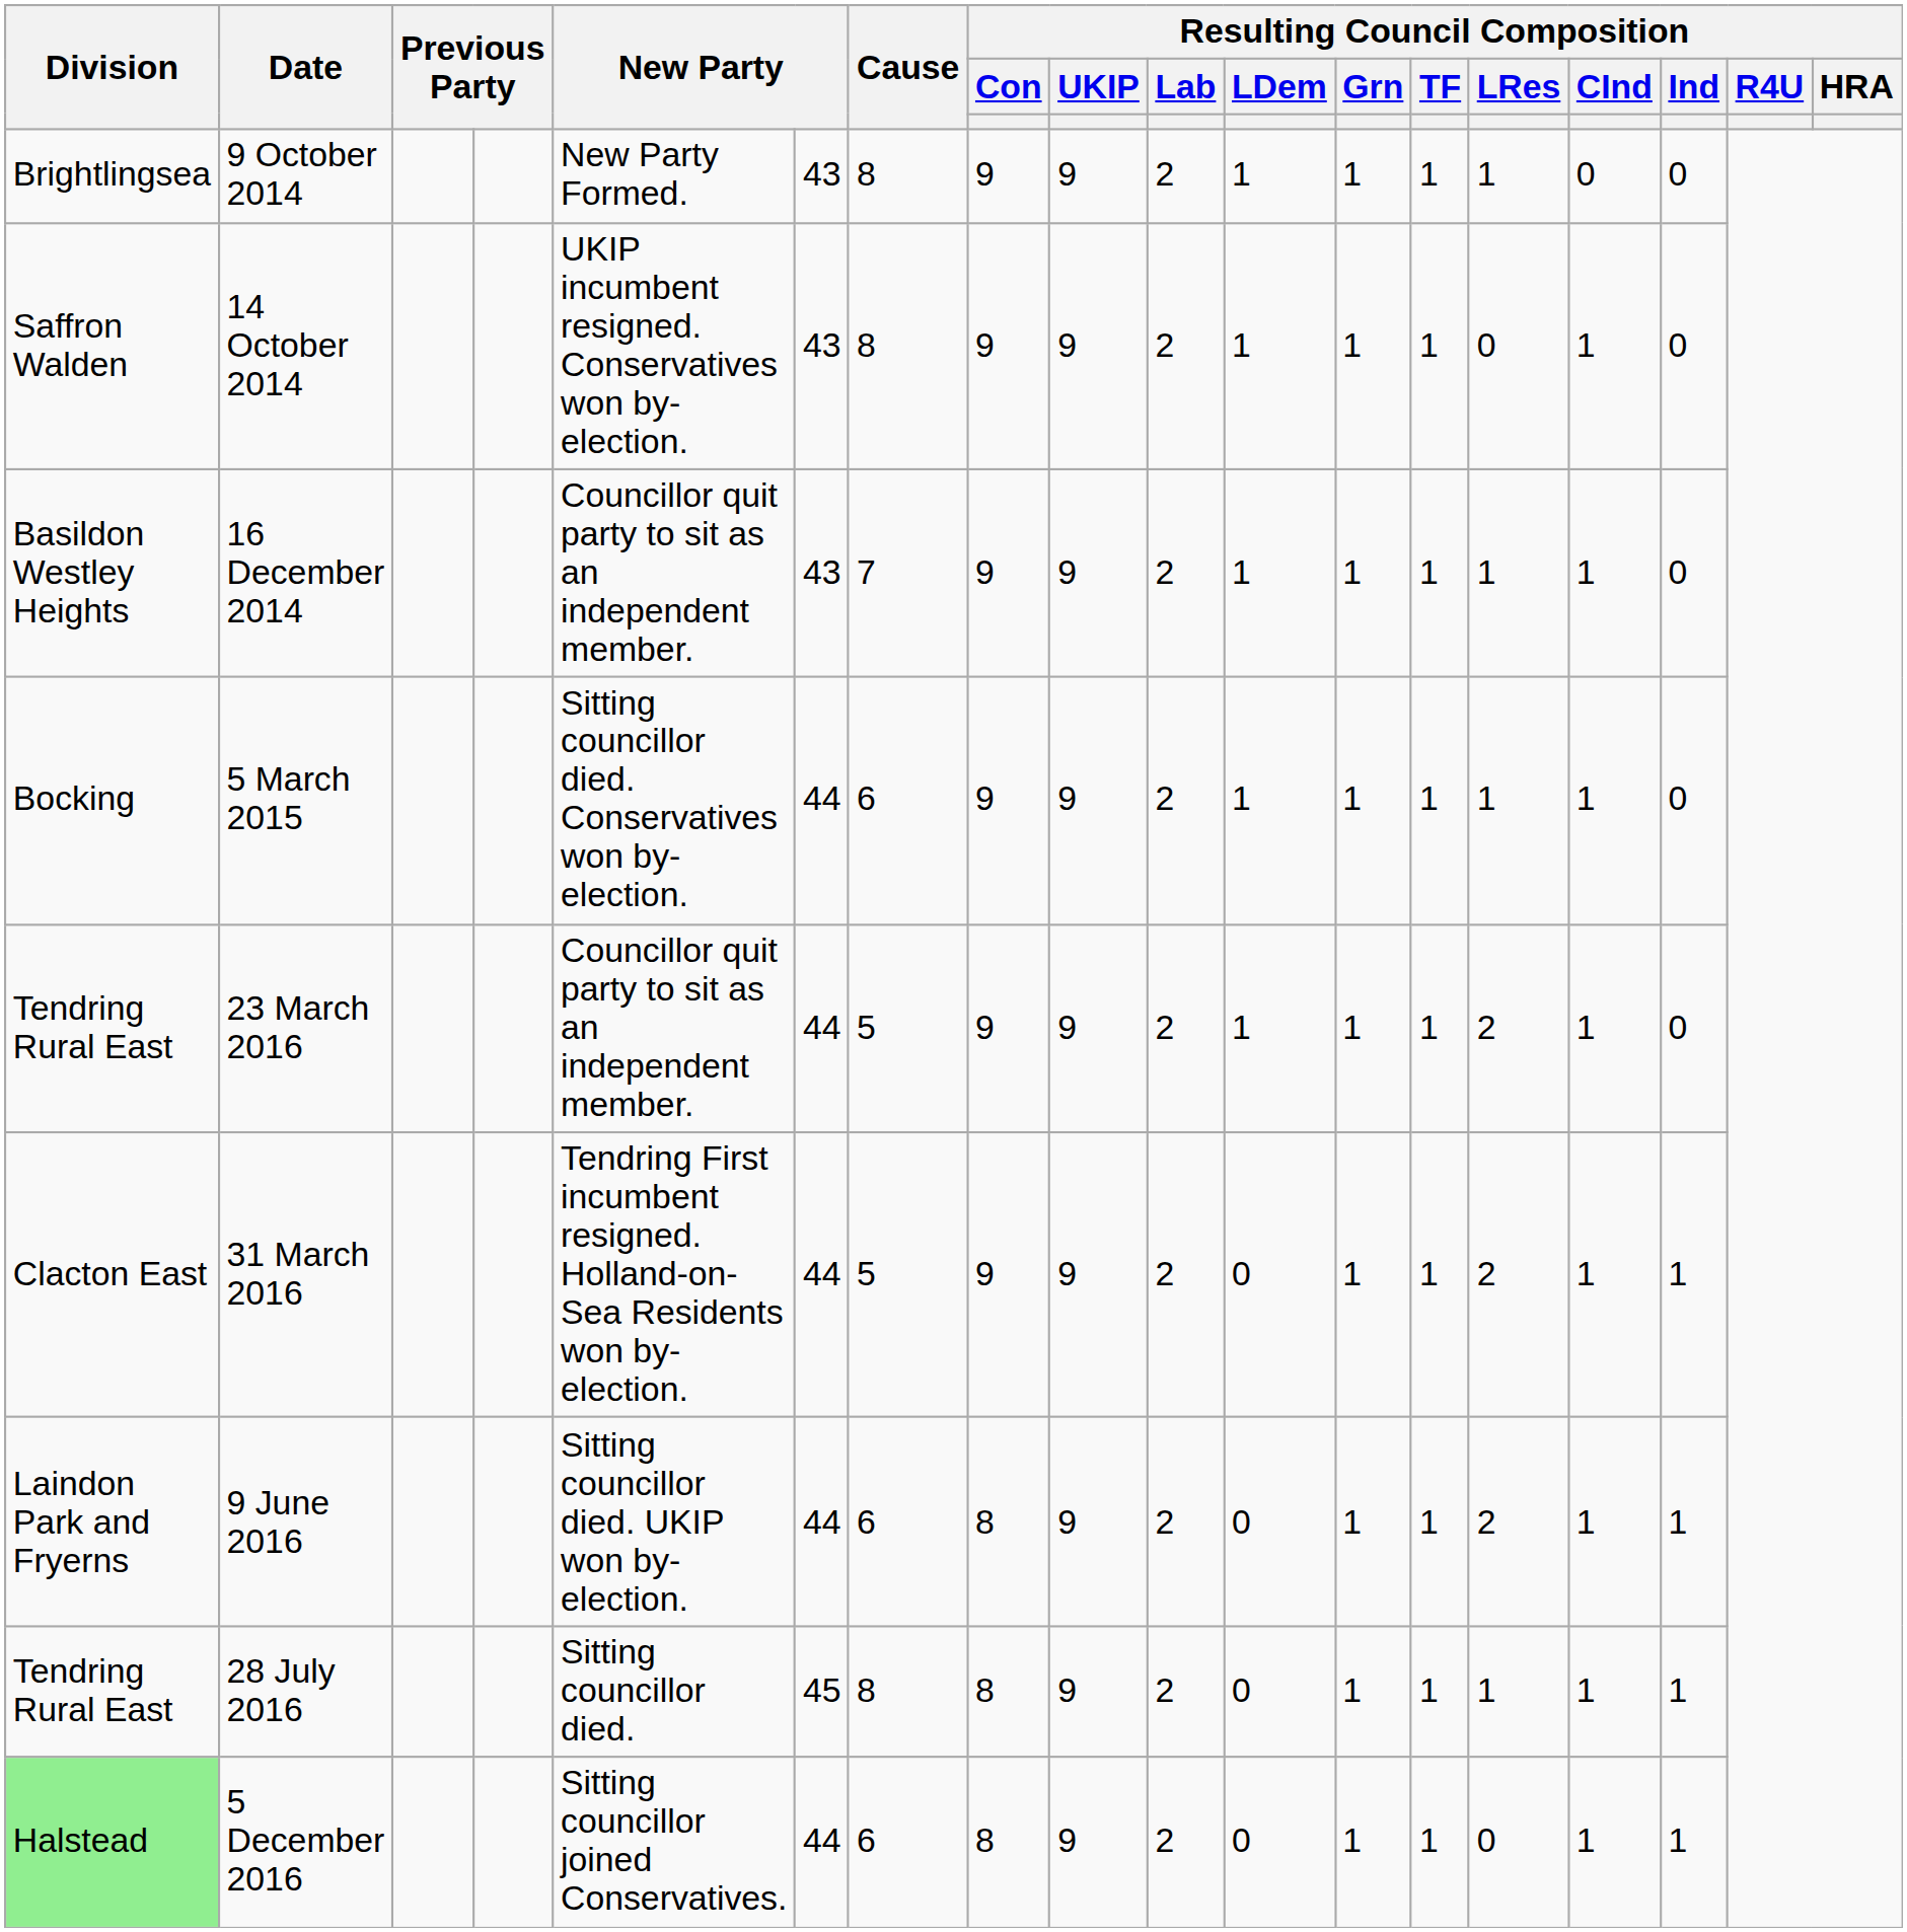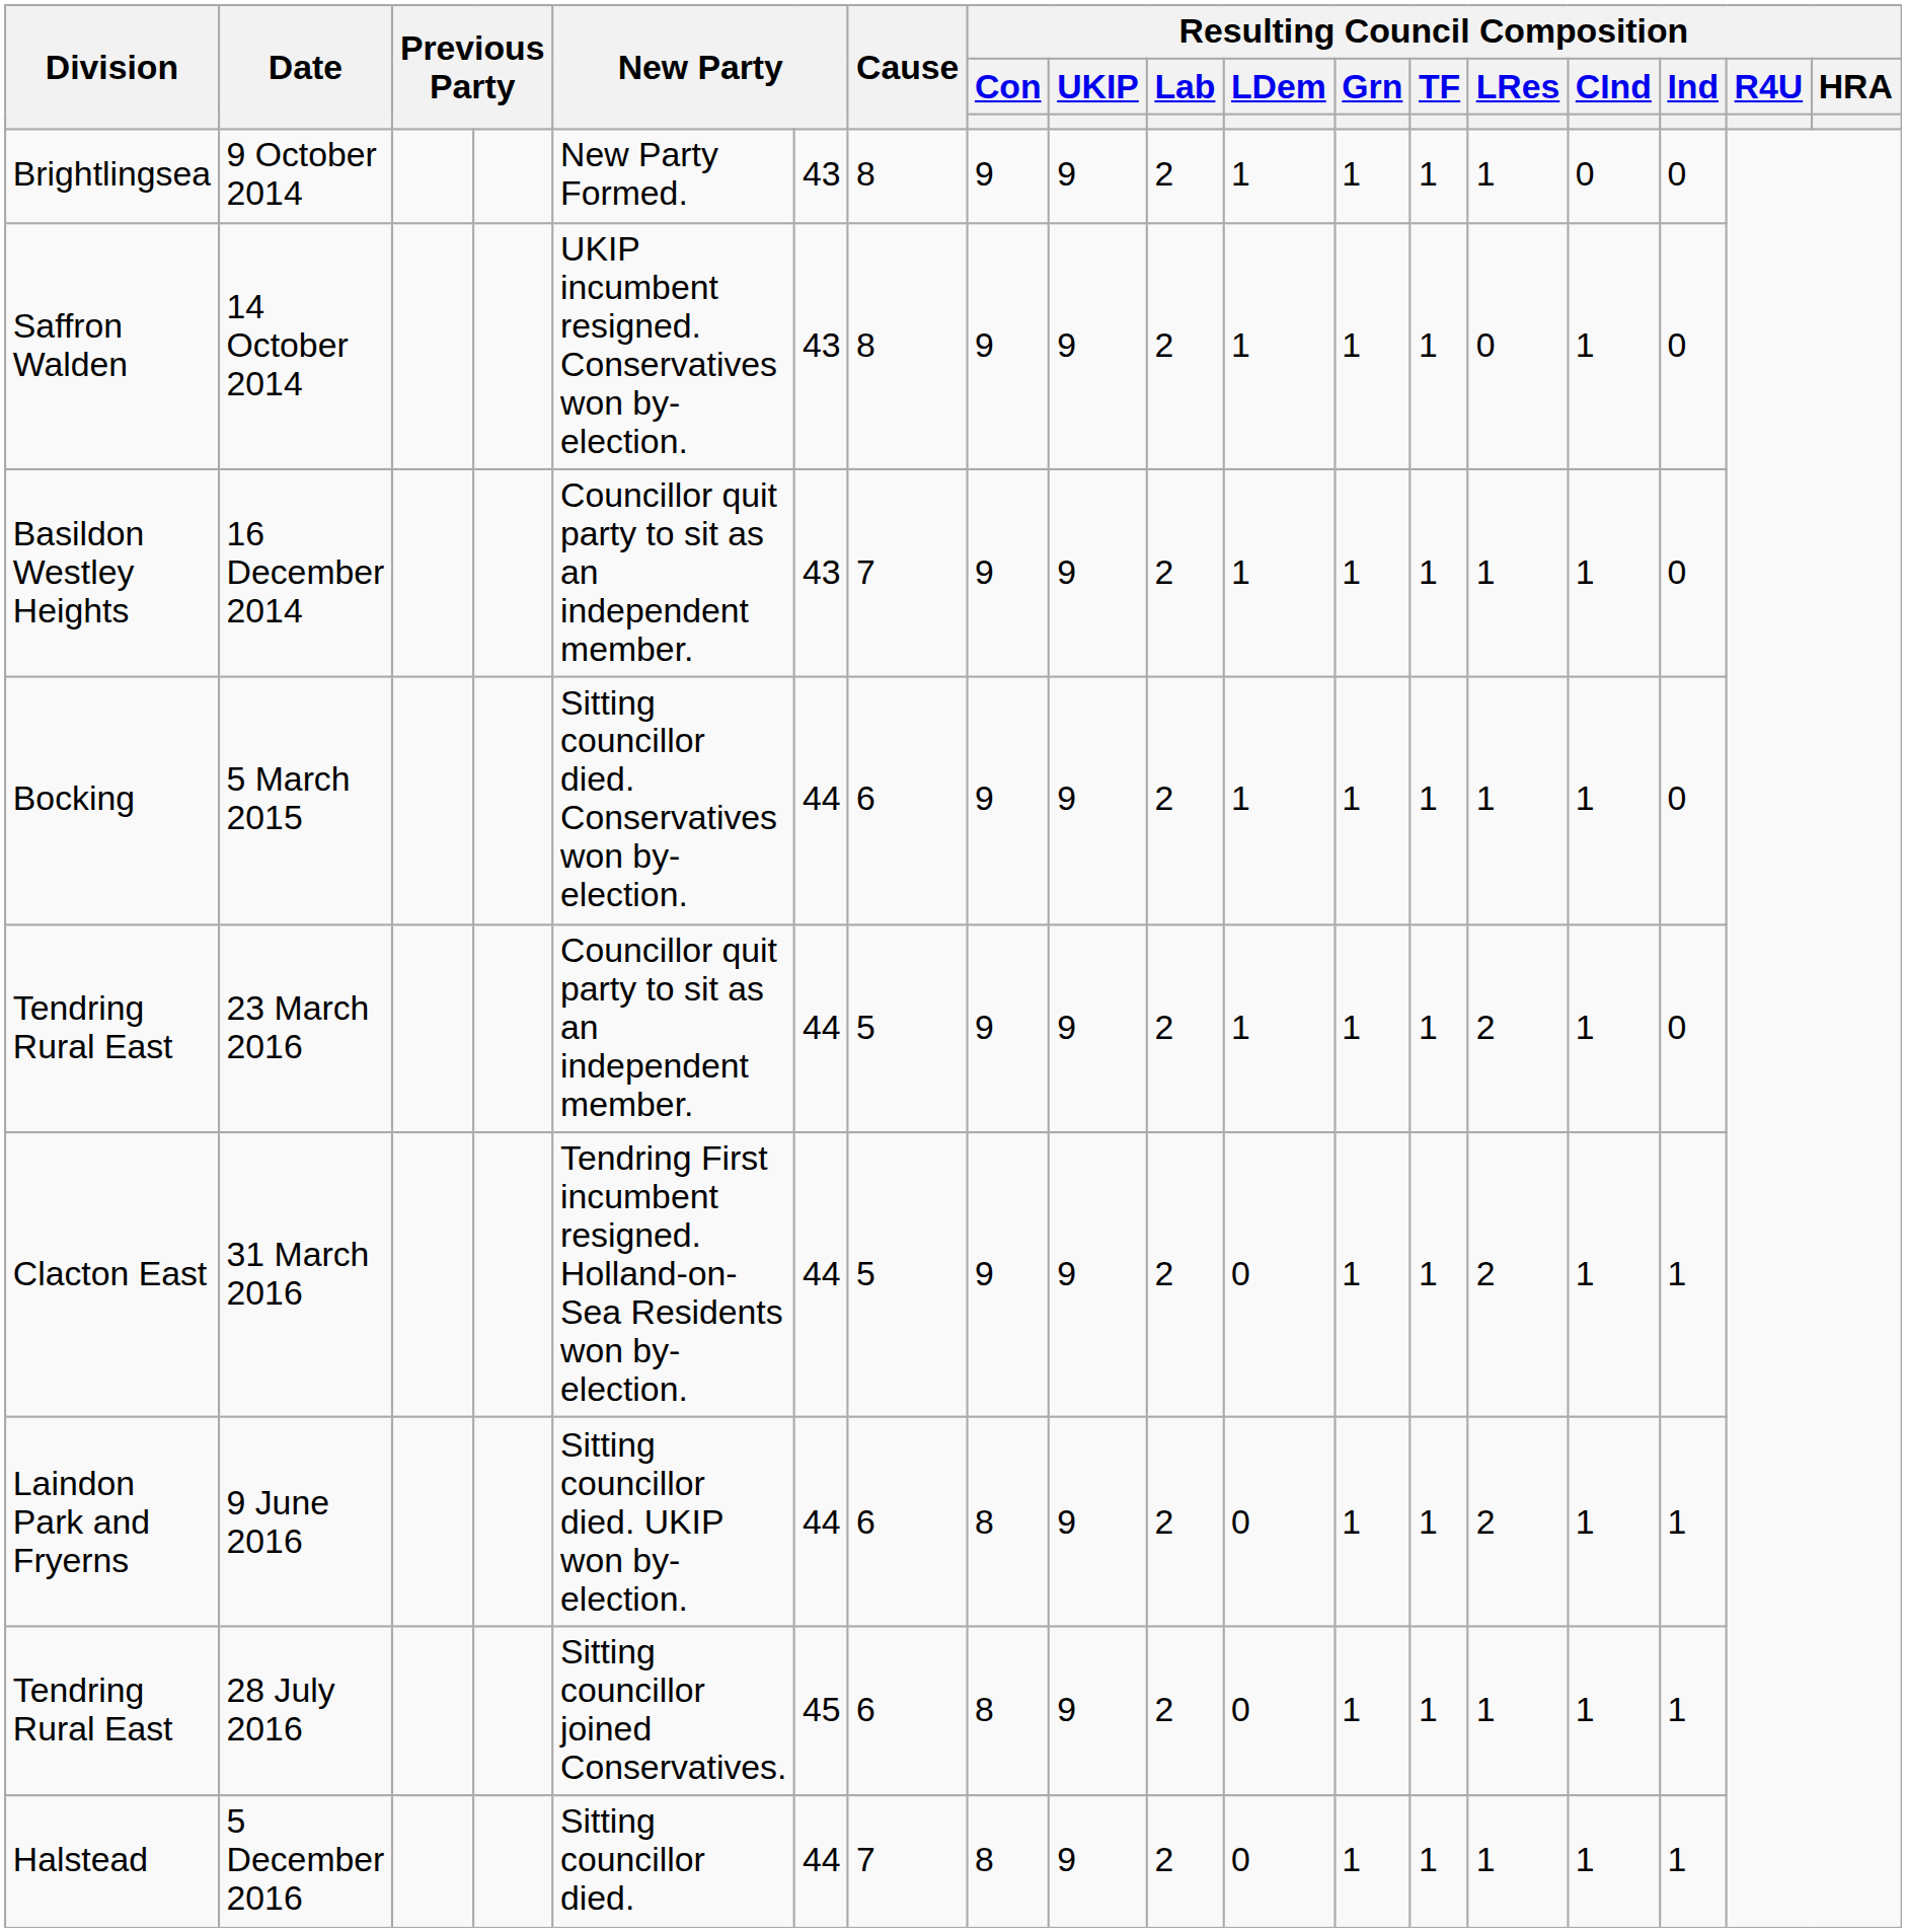 <table class="wikitable">
 <tr>
 <th !  rowspan="3">Division</th>
 <th ! rowspan="3">Date</th>
 <th !  rowspan=3  colspan=2>Previous Party</th>
 <th !  rowspan=3 colspan=2>New Party</th>
 <th ! rowspan="3">Cause</th>
 <th ! colspan="11">Resulting Council Composition</th>
 </tr>
 <tr>
 <th style="width:30px;" class="unsortable"><a href='#'>Con</a></th>
 <th style="width:30px;" class="unsortable"><a href='#'>UKIP</a></th>
 <th style="width:30px;" class="unsortable"><a href='#'>Lab</a></th>
 <th style="width:30px;" class="unsortable"><a href='#'>LDem</a></th>
 <th style="width:30px;" class="unsortable"><a href='#'>Grn</a></th>
 <th style="width:30px;" class="unsortable"><a href='#'>TF</a></th>
 <th style="width:30px;" class="unsortable"><a href='#'>LRes</a></th>
 <th style="width:30px;" class="unsortable"><a href='#'>CInd</a></th>
 <th style="width:30px;" class="unsortable"><a href='#'>Ind</a></th>
 <th style="width:30px;" class="unsortable"><a href='#'>R4U</a></th>
 <th style="width:30px;" class="unsortable">HRA</th>
 </tr>
 <tr>
 <th class="unsortable" style="color:inherit;background:"></th>
 <th class="unsortable" style="color:inherit;background:"></th>
 <th class="unsortable" style="color:inherit;background:"></th>
 <th class="unsortable" style="color:inherit;background:"></th>
 <th class="unsortable" style="color:inherit;background:"></th>
 <th class="unsortable" style="color:inherit;background:"></th>
 <th class="unsortable" style="color:inherit;background:"></th>
 <th class="unsortable" style="color:inherit;background:"></th>
 <th class="unsortable" style="color:inherit;background:"></th>
 <th class="unsortable" style="color:inherit;background:"></th>
 <th class="unsortable" style="color:inherit;background:"></th>
 </tr>
 <tr>
 <td>Brightlingsea</td>
 <td>9 October 2014</td>
 <td></td>
 <td></td>
 <td>New Party Formed.</td>
 <td>43</td>
 <td>8</td>
 <td>9</td>
 <td>9</td>
 <td>2</td>
 <td>1</td>
 <td>1</td>
 <td>1</td>
 <td>1</td>
 <td>0</td>
 <td>0</td>
 </tr>
 <tr>
 <td>Saffron Walden</td>
 <td>14 October 2014</td>
 <td></td>
 <td></td>
 <td>UKIP incumbent resigned. Conservatives won by-election.</td>
 <td>43</td>
 <td>8</td>
 <td>9</td>
 <td>9</td>
 <td>2</td>
 <td>1</td>
 <td>1</td>
 <td>1</td>
 <td>0</td>
 <td>1</td>
 <td>0</td>
 </tr>
 <tr>
 <td>Basildon Westley Heights</td>
 <td>16 December 2014</td>
 <td></td>
 <td></td>
 <td>Councillor quit party to sit as an independent member.</td>
 <td>43</td>
 <td>7</td>
 <td>9</td>
 <td>9</td>
 <td>2</td>
 <td>1</td>
 <td>1</td>
 <td>1</td>
 <td>1</td>
 <td>1</td>
 <td>0</td>
 </tr>
 <tr>
 <td>Bocking</td>
 <td>5 March 2015</td>
 <td></td>
 <td></td>
 <td>Sitting councillor died. Conservatives won by-election.</td>
 <td>44</td>
 <td>6</td>
 <td>9</td>
 <td>9</td>
 <td>2</td>
 <td>1</td>
 <td>1</td>
 <td>1</td>
 <td>1</td>
 <td>1</td>
 <td>0</td>
 </tr>
 <tr>
 <td>Tendring Rural East</td>
 <td>23 March 2016 </td>
 <td></td>
 <td></td>
 <td>Councillor quit party to sit as an independent member.</td>
 <td>44</td>
 <td>5</td>
 <td>9</td>
 <td>9</td>
 <td>2</td>
 <td>1</td>
 <td>1</td>
 <td>1</td>
 <td>2</td>
 <td>1</td>
 <td>0</td>
 </tr>
 <tr>
 <td>Clacton East</td>
 <td>31 March 2016</td>
 <td></td>
 <td></td>
 <td>Tendring First incumbent resigned. Holland-on-Sea Residents won by-election.</td>
 <td>44</td>
 <td>5</td>
 <td>9</td>
 <td>9</td>
 <td>2</td>
 <td>0</td>
 <td>1</td>
 <td>1</td>
 <td>2</td>
 <td>1</td>
 <td>1</td>
 </tr>
 <tr>
 <td>Laindon Park and Fryerns</td>
 <td>9 June 2016 </td>
 <td></td>
 <td></td>
 <td>Sitting councillor died. UKIP won by-election.</td>
 <td>44</td>
 <td>6</td>
 <td>8</td>
 <td>9</td>
 <td>2</td>
 <td>0</td>
 <td>1</td>
 <td>1</td>
 <td>2</td>
 <td>1</td>
 <td>1</td>
 </tr>
 <tr>
 <td>Tendring Rural East</td>
 <td>28 July 2016 </td>
 <td></td>
 <td></td>
-<td>Sitting councillor died.</td>
+<td>Sitting councillor joined Conservatives.</td>
 <td>45</td>
-<td>8</td>
+<td>6</td>
 <td>8</td>
 <td>9</td>
 <td>2</td>
 <td>0</td>
 <td>1</td>
 <td>1</td>
 <td>1</td>
 <td>1</td>
 <td>1</td>
 </tr>
 <tr>
-<td style="background: lightgreen;">Halstead</td>
+<td>Halstead</td>
 <td>5 December 2016 </td>
 <td></td>
 <td></td>
-<td>Sitting councillor joined Conservatives.</td>
+<td>Sitting councillor died.</td>
 <td>44</td>
-<td>6</td>
+<td>7</td>
 <td>8</td>
 <td>9</td>
 <td>2</td>
 <td>0</td>
 <td>1</td>
 <td>1</td>
-<td>0</td>
+<td>1</td>
 <td>1</td>
 <td>1</td>
 </tr>
 </table>
